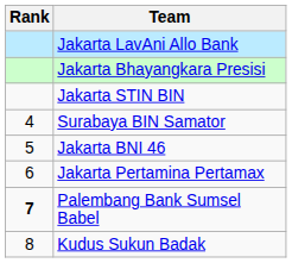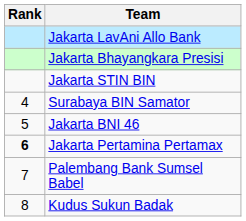 <table class="wikitable" style="text-align:center">
 <tr>
 <th width=40>Rank</th>
 <th width=220>Team</th>
 </tr>
 <tr bgcolor=#BBEBFF>
 <td></td>
 <td style="text-align:left"><a href='#'>Jakarta LavAni Allo Bank</a></td>
 </tr>
 <tr bgcolor=#CCFFCC>
 <td></td>
 <td style="text-align:left"><a href='#'>Jakarta Bhayangkara Presisi</a></td>
 </tr>
 <tr>
 <td></td>
 <td style="text-align:left"><a href='#'>Jakarta STIN BIN</a></td>
 </tr>
 <tr>
 <td>4</td>
 <td style="text-align:left"><a href='#'>Surabaya BIN Samator</a></td>
 </tr>
 <tr>
 <td>5</td>
 <td style="text-align:left"><a href='#'>Jakarta BNI 46</a></td>
 </tr>
 <tr>
-<td>6</td>
+<td><strong>6</strong></td>
 <td style="text-align:left"><a href='#'>Jakarta Pertamina Pertamax</a></td>
 </tr>
 <tr>
-<td><strong>7</strong></td>
+<td>7</td>
 <td style="text-align:left"><a href='#'>Palembang Bank Sumsel Babel</a></td>
 </tr>
 <tr>
 <td>8</td>
 <td style="text-align:left"><a href='#'>Kudus Sukun Badak</a></td>
 </tr>
 </table>
